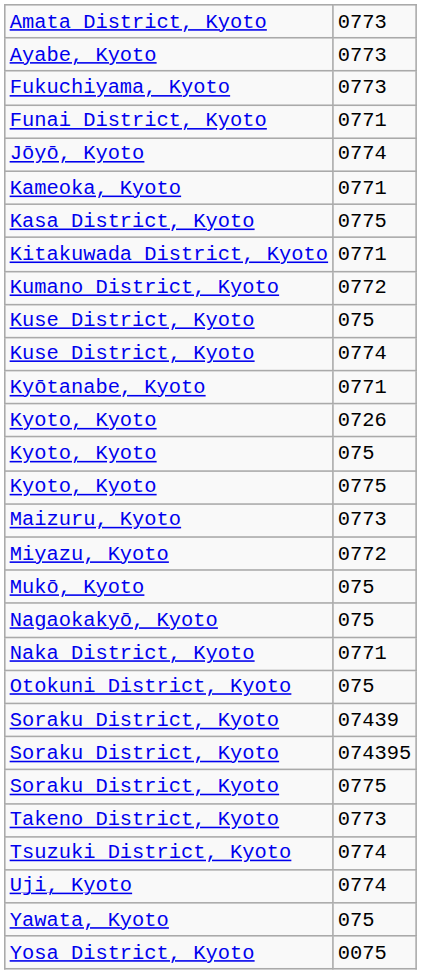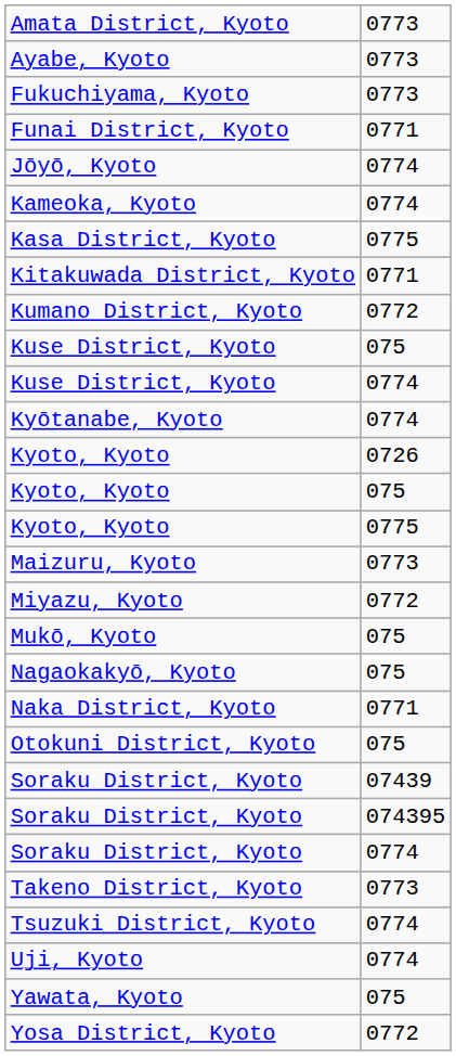 <table class="wikitable">
 <tr>
 <td><a href='#'>Amata District, Kyoto</a></td>
 <td>0773</td>
 </tr>
 <tr>
 <td><a href='#'>Ayabe, Kyoto</a></td>
 <td>0773</td>
 </tr>
 <tr>
 <td><a href='#'>Fukuchiyama, Kyoto</a></td>
 <td>0773</td>
 </tr>
 <tr>
 <td><a href='#'>Funai District, Kyoto</a></td>
 <td>0771</td>
 </tr>
 <tr>
 <td><a href='#'>Jōyō, Kyoto</a></td>
 <td>0774</td>
 </tr>
 <tr>
 <td><a href='#'>Kameoka, Kyoto</a></td>
-<td>0771</td>
+<td>0774</td>
 </tr>
 <tr>
 <td><a href='#'>Kasa District, Kyoto</a></td>
 <td>0775</td>
 </tr>
 <tr>
 <td><a href='#'>Kitakuwada District, Kyoto</a></td>
 <td>0771</td>
 </tr>
 <tr>
 <td><a href='#'>Kumano District, Kyoto</a></td>
 <td>0772</td>
 </tr>
 <tr>
 <td><a href='#'>Kuse District, Kyoto</a></td>
 <td>075</td>
 </tr>
 <tr>
 <td><a href='#'>Kuse District, Kyoto</a></td>
 <td>0774</td>
 </tr>
 <tr>
 <td><a href='#'>Kyōtanabe, Kyoto</a></td>
-<td>0771</td>
+<td>0774</td>
 </tr>
 <tr>
 <td><a href='#'>Kyoto, Kyoto</a></td>
 <td>0726</td>
 </tr>
 <tr>
 <td><a href='#'>Kyoto, Kyoto</a></td>
 <td>075</td>
 </tr>
 <tr>
 <td><a href='#'>Kyoto, Kyoto</a></td>
 <td>0775</td>
 </tr>
 <tr>
 <td><a href='#'>Maizuru, Kyoto</a></td>
 <td>0773</td>
 </tr>
 <tr>
 <td><a href='#'>Miyazu, Kyoto</a></td>
 <td>0772</td>
 </tr>
 <tr>
 <td><a href='#'>Mukō, Kyoto</a></td>
 <td>075</td>
 </tr>
 <tr>
 <td><a href='#'>Nagaokakyō, Kyoto</a></td>
 <td>075</td>
 </tr>
 <tr>
 <td><a href='#'>Naka District, Kyoto</a></td>
 <td>0771</td>
 </tr>
 <tr>
 <td><a href='#'>Otokuni District, Kyoto</a></td>
 <td>075</td>
 </tr>
 <tr>
 <td><a href='#'>Soraku District, Kyoto</a></td>
 <td>07439</td>
 </tr>
 <tr>
 <td><a href='#'>Soraku District, Kyoto</a></td>
 <td>074395</td>
 </tr>
 <tr>
 <td><a href='#'>Soraku District, Kyoto</a></td>
-<td>0775</td>
+<td>0774</td>
 </tr>
 <tr>
 <td><a href='#'>Takeno District, Kyoto</a></td>
 <td>0773</td>
 </tr>
 <tr>
 <td><a href='#'>Tsuzuki District, Kyoto</a></td>
 <td>0774</td>
 </tr>
 <tr>
 <td><a href='#'>Uji, Kyoto</a></td>
 <td>0774</td>
 </tr>
 <tr>
 <td><a href='#'>Yawata, Kyoto</a></td>
 <td>075</td>
 </tr>
 <tr>
 <td><a href='#'>Yosa District, Kyoto</a></td>
-<td>0075</td>
+<td>0772</td>
 </tr>
 </table>
